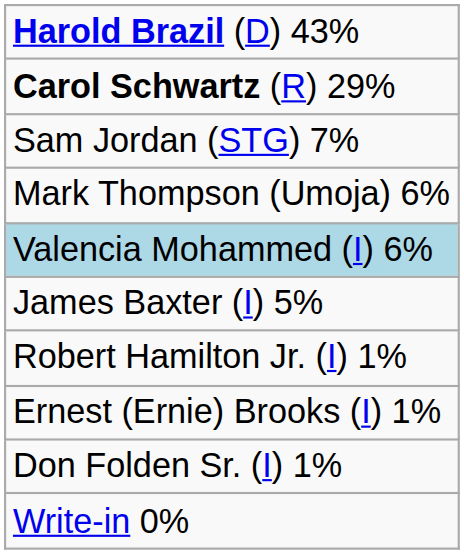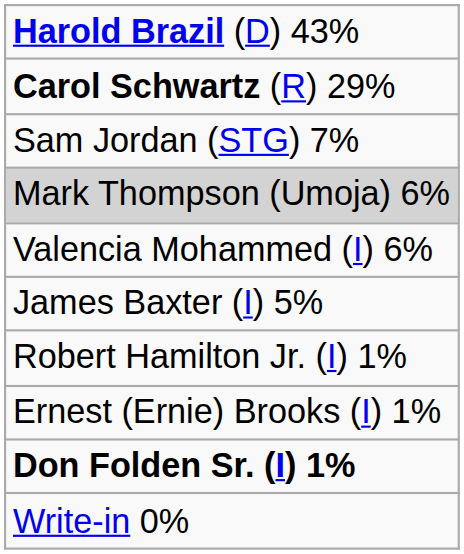 <table class="wikitable">
 <tr>
 <td><strong><a href='#'>Harold Brazil</a></strong> (<a href='#'>D</a>) 43%</td>
 </tr>
 <tr>
 <td><strong>Carol Schwartz</strong> (<a href='#'>R</a>) 29%</td>
 </tr>
 <tr>
 <td>Sam Jordan (<a href='#'>STG</a>) 7%</td>
 </tr>
 <tr>
-<td>Mark Thompson (Umoja) 6%</td>
+<td style="background: lightgrey;">Mark Thompson (Umoja) 6%</td>
 </tr>
 <tr>
-<td style="background: lightblue;">Valencia Mohammed (<a href='#'>I</a>) 6%</td>
+<td>Valencia Mohammed (<a href='#'>I</a>) 6%</td>
 </tr>
 <tr>
 <td>James Baxter (<a href='#'>I</a>) 5%</td>
 </tr>
 <tr>
 <td>Robert Hamilton Jr. (<a href='#'>I</a>) 1%</td>
 </tr>
 <tr>
 <td>Ernest (Ernie) Brooks (<a href='#'>I</a>) 1%</td>
 </tr>
 <tr>
-<td>Don Folden Sr. (<a href='#'>I</a>) 1%</td>
+<td><strong>Don Folden Sr. (<a href='#'>I</a>) 1%</strong></td>
 </tr>
 <tr>
 <td><a href='#'>Write-in</a> 0%</td>
 </tr>
 </table>
